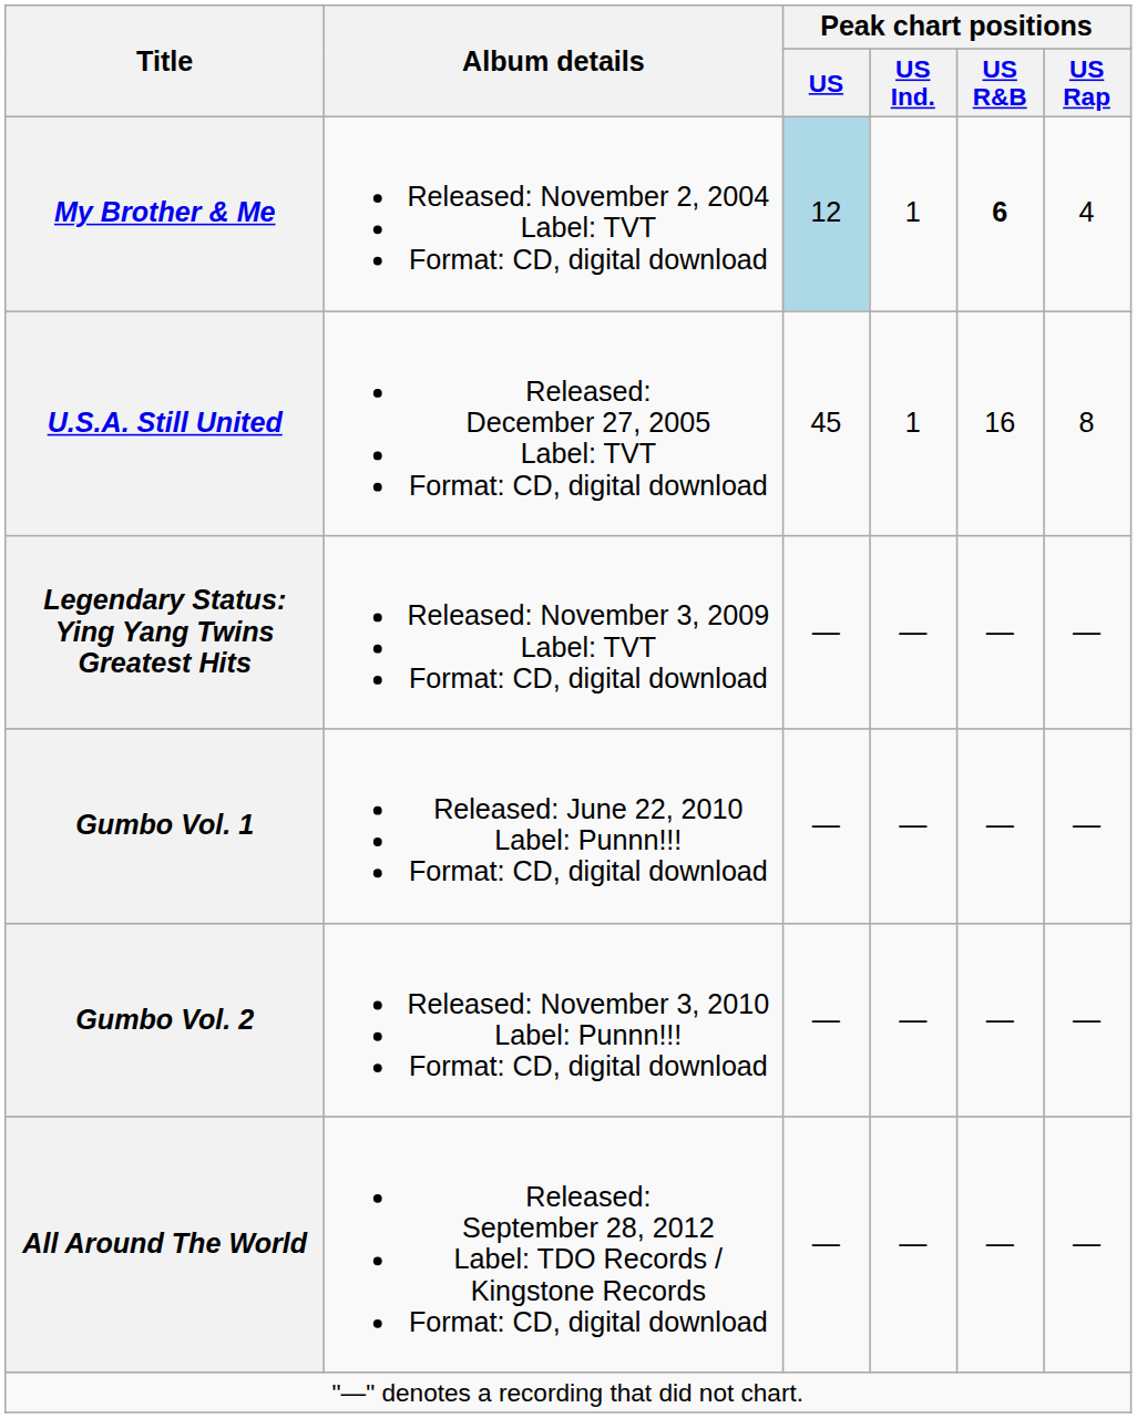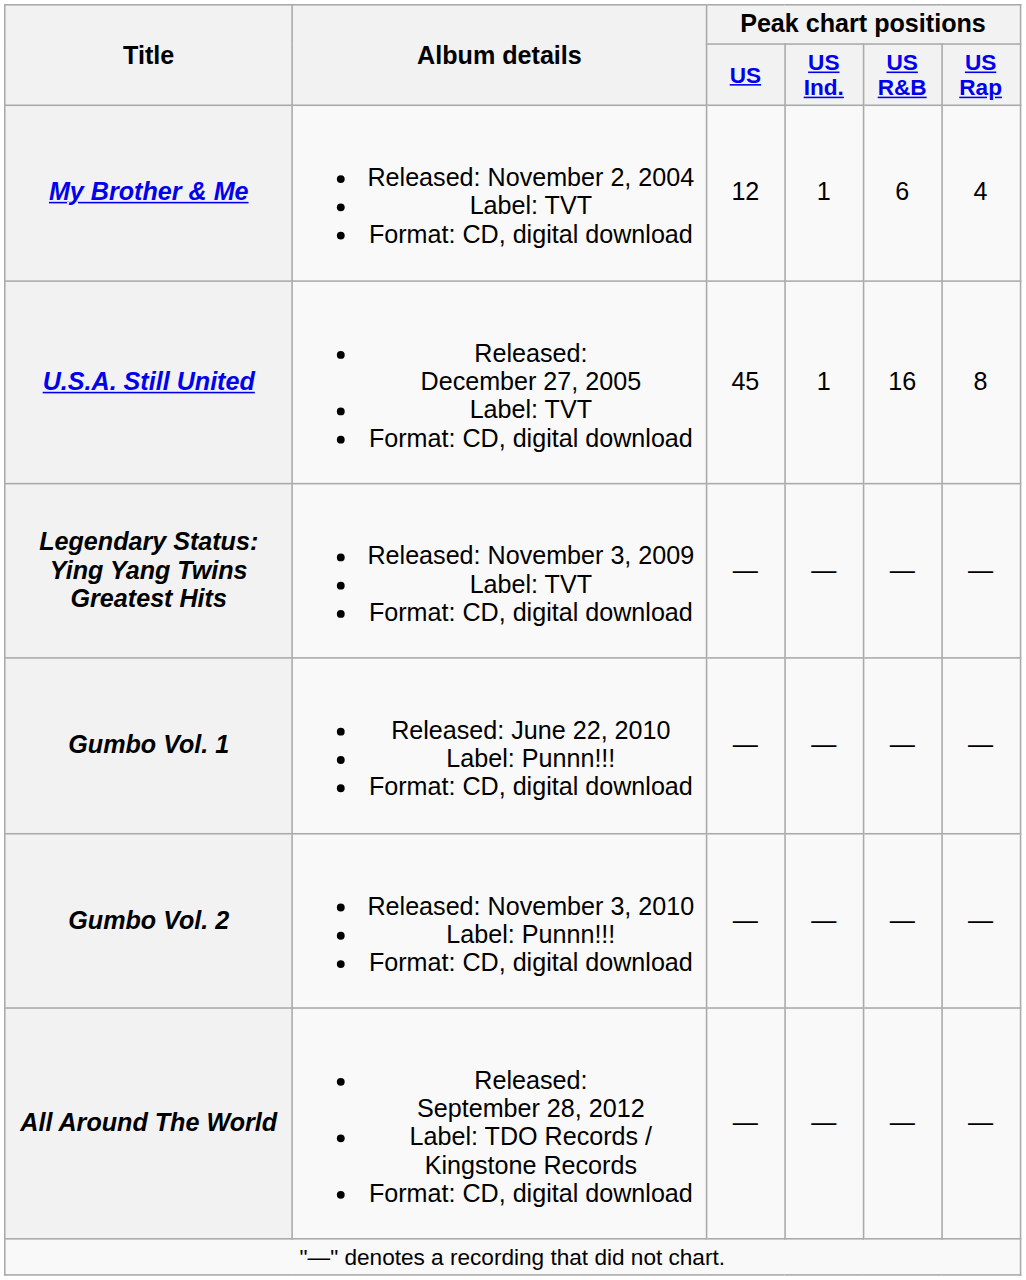 <table class="wikitable plainrowheaders" style="text-align:center;">
 <tr>
 <th scope="col" rowspan="2" style="width:11em;">Title</th>
 <th scope="col" rowspan="2" style="width:16em;">Album details</th>
 <th scope="col" colspan="4">Peak chart positions</th>
 </tr>
 <tr>
 <th style="width:3em;font-size:90%;"><a href='#'>US</a><br></th>
 <th style="width:3em;font-size:90%;"><a href='#'>US<br>Ind.</a><br></th>
 <th style="width:3em;font-size:90%;"><a href='#'>US<br>R&B</a><br></th>
 <th style="width:3em;font-size:90%;"><a href='#'>US<br>Rap</a><br></th>
 </tr>
 <tr>
 <th scope="row"><em><a href='#'>My Brother & Me</a></em></th>
 <td><br><ul><li>Released: November 2, 2004</li><li>Label: TVT</li><li>Format: CD, digital download</li></ul></td>
-<td style="background: lightblue;">12</td>
+<td>12</td>
 <td>1</td>
-<td><strong>6</strong></td>
+<td>6</td>
 <td>4</td>
 </tr>
 <tr>
 <th scope="row"><em><a href='#'>U.S.A. Still United</a></em></th>
 <td><br><ul><li>Released: December 27, 2005</li><li>Label: TVT</li><li>Format: CD, digital download</li></ul></td>
 <td>45</td>
 <td>1</td>
 <td>16</td>
 <td>8</td>
 </tr>
 <tr>
 <th scope="row"><em>Legendary Status: Ying Yang Twins Greatest Hits</em></th>
 <td><br><ul><li>Released: November 3, 2009</li><li>Label: TVT</li><li>Format: CD, digital download</li></ul></td>
 <td>—</td>
 <td>—</td>
 <td>—</td>
 <td>—</td>
 </tr>
 <tr>
 <th scope="row"><em>Gumbo Vol. 1</em></th>
 <td><br><ul><li>Released: June 22, 2010</li><li>Label: Punnn!!!</li><li>Format: CD, digital download</li></ul></td>
 <td>—</td>
 <td>—</td>
 <td>—</td>
 <td>—</td>
 </tr>
 <tr>
 <th scope="row"><em>Gumbo Vol. 2</em></th>
 <td><br><ul><li>Released: November 3, 2010</li><li>Label: Punnn!!!</li><li>Format: CD, digital download</li></ul></td>
 <td>—</td>
 <td>—</td>
 <td>—</td>
 <td>—</td>
 </tr>
 <tr>
 <th scope="row"><em>All Around The World</em></th>
 <td><br><ul><li>Released: September 28, 2012</li><li>Label: TDO Records / Kingstone Records</li><li>Format: CD, digital download</li></ul></td>
 <td>—</td>
 <td>—</td>
 <td>—</td>
 <td>—</td>
 </tr>
 <tr>
 <td colspan="14" style="font-size:90%">"—" denotes a recording that did not chart.</td>
 </tr>
 </table>
